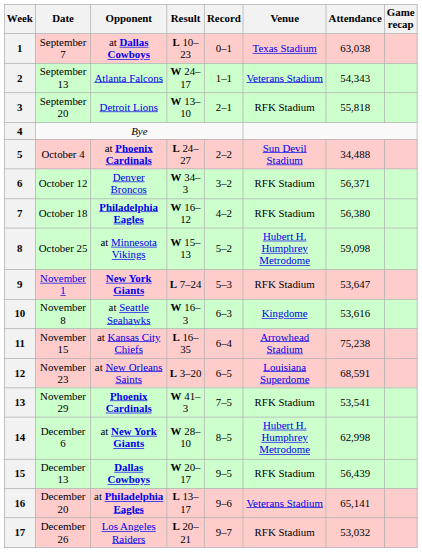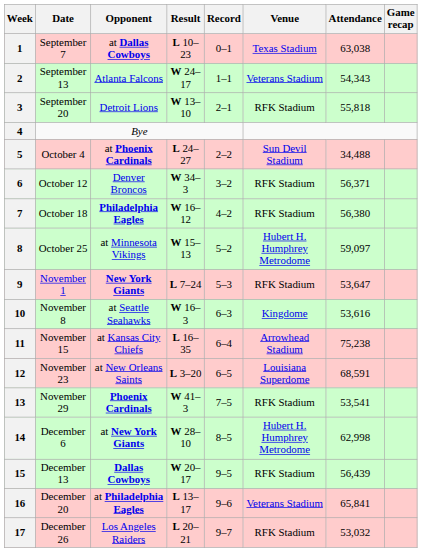 <table class="wikitable" style="text-align:center">
 <tr>
 <th>Week</th>
 <th>Date</th>
 <th>Opponent</th>
 <th>Result</th>
 <th>Record</th>
 <th>Venue</th>
 <th>Attendance</th>
 <th>Game<br>recap</th>
 </tr>
 <tr style="background:#fcc">
 <th>1</th>
 <td>September 7</td>
 <td>at <strong><a href='#'>Dallas Cowboys</a></strong></td>
 <td><strong>L</strong> 10–23</td>
 <td>0–1</td>
 <td><a href='#'>Texas Stadium</a></td>
 <td>63,038</td>
 <td></td>
 </tr>
 <tr style="background:#cfc">
 <th>2</th>
 <td>September 13</td>
 <td><a href='#'>Atlanta Falcons</a></td>
 <td><strong>W</strong> 24–17</td>
 <td>1–1</td>
 <td><a href='#'>Veterans Stadium</a></td>
 <td>54,343</td>
 <td></td>
 </tr>
 <tr style="background:#cfc">
 <th>3</th>
 <td>September 20</td>
 <td><a href='#'>Detroit Lions</a></td>
 <td><strong>W</strong> 13–10</td>
 <td>2–1</td>
 <td>RFK Stadium</td>
 <td>55,818</td>
 <td></td>
 </tr>
 <tr>
 <th>4</th>
 <td colspan=4 align="center"><em>Bye</em></td>
 </tr>
 <tr style="background:#fcc">
 <th>5</th>
 <td>October 4</td>
 <td>at <strong><a href='#'>Phoenix Cardinals</a></strong></td>
 <td><strong>L</strong> 24–27</td>
 <td>2–2</td>
 <td><a href='#'>Sun Devil Stadium</a></td>
 <td>34,488</td>
 <td></td>
 </tr>
 <tr style="background:#cfc">
 <th>6</th>
 <td>October 12</td>
 <td><a href='#'>Denver Broncos</a></td>
 <td><strong>W</strong> 34–3</td>
 <td>3–2</td>
 <td>RFK Stadium</td>
 <td>56,371</td>
 <td></td>
 </tr>
 <tr style="background:#cfc">
 <th>7</th>
 <td>October 18</td>
 <td><strong><a href='#'>Philadelphia Eagles</a></strong></td>
 <td><strong>W</strong> 16–12</td>
 <td>4–2</td>
 <td>RFK Stadium</td>
 <td>56,380</td>
 <td></td>
 </tr>
 <tr style="background:#cfc">
 <th>8</th>
 <td>October 25</td>
 <td>at <a href='#'>Minnesota Vikings</a></td>
 <td><strong>W</strong> 15–13</td>
 <td>5–2</td>
 <td><a href='#'>Hubert H. Humphrey Metrodome</a></td>
-<td>59,098</td>
+<td>59,097</td>
 <td></td>
 </tr>
 <tr style="background:#fcc">
 <th>9</th>
 <td><a href='#'>November 1</a></td>
 <td><strong><a href='#'>New York Giants</a></strong></td>
 <td><strong>L</strong> 7–24</td>
 <td>5–3</td>
 <td>RFK Stadium</td>
 <td>53,647</td>
 <td></td>
 </tr>
 <tr style="background:#cfc">
 <th>10</th>
 <td>November 8</td>
 <td>at <a href='#'>Seattle Seahawks</a></td>
 <td><strong>W</strong> 16–3</td>
 <td>6–3</td>
 <td><a href='#'>Kingdome</a></td>
 <td>53,616</td>
 <td></td>
 </tr>
 <tr style="background:#fcc">
 <th>11</th>
 <td>November 15</td>
 <td>at <a href='#'>Kansas City Chiefs</a></td>
 <td><strong>L</strong> 16–35</td>
 <td>6–4</td>
 <td><a href='#'>Arrowhead Stadium</a></td>
 <td>75,238</td>
 <td></td>
 </tr>
 <tr style="background:#fcc">
 <th>12</th>
 <td>November 23</td>
 <td>at <a href='#'>New Orleans Saints</a></td>
 <td><strong>L</strong> 3–20</td>
 <td>6–5</td>
 <td><a href='#'>Louisiana Superdome</a></td>
 <td>68,591</td>
 <td></td>
 </tr>
 <tr style="background:#cfc">
 <th>13</th>
 <td>November 29</td>
 <td><strong><a href='#'>Phoenix Cardinals</a></strong></td>
 <td><strong>W</strong> 41–3</td>
 <td>7–5</td>
 <td>RFK Stadium</td>
 <td>53,541</td>
 <td></td>
 </tr>
 <tr style="background:#cfc">
 <th>14</th>
 <td>December 6</td>
 <td>at <strong><a href='#'>New York Giants</a></strong></td>
 <td><strong>W</strong> 28–10</td>
 <td>8–5</td>
 <td><a href='#'>Hubert H. Humphrey Metrodome</a></td>
 <td>62,998</td>
 <td></td>
 </tr>
 <tr style="background:#cfc">
 <th>15</th>
 <td>December 13</td>
 <td><strong><a href='#'>Dallas Cowboys</a></strong></td>
 <td><strong>W</strong> 20–17</td>
 <td>9–5</td>
 <td>RFK Stadium</td>
 <td>56,439</td>
 <td></td>
 </tr>
 <tr style="background:#fcc">
 <th>16</th>
 <td>December 20</td>
 <td>at <strong><a href='#'>Philadelphia Eagles</a></strong></td>
 <td><strong>L</strong> 13–17</td>
 <td>9–6</td>
 <td><a href='#'>Veterans Stadium</a></td>
-<td>65,141</td>
+<td>65,841</td>
 <td></td>
 </tr>
 <tr style="background:#fcc">
 <th>17</th>
 <td>December 26</td>
 <td><a href='#'>Los Angeles Raiders</a></td>
 <td><strong>L</strong> 20–21</td>
 <td>9–7</td>
 <td>RFK Stadium</td>
 <td>53,032</td>
 <td></td>
 </tr>
 </table>
